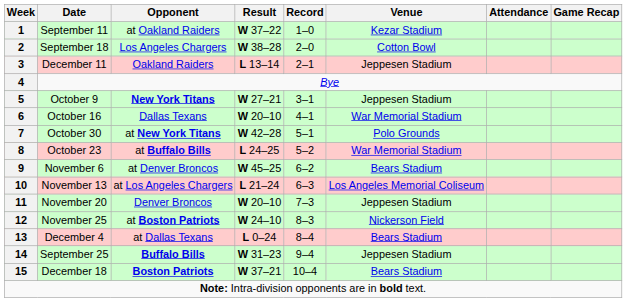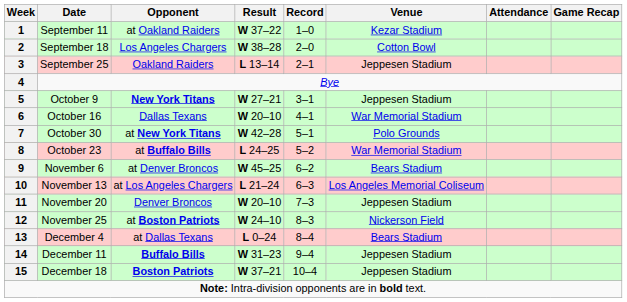 <table class="wikitable" style="text-align:center">
 <tr>
 <th>Week</th>
 <th>Date</th>
 <th>Opponent</th>
 <th>Result</th>
 <th>Record</th>
 <th>Venue</th>
 <th>Attendance</th>
 <th>Game Recap</th>
 </tr>
 <tr style="background:#cfc">
 <th>1</th>
 <td>September 11</td>
 <td>at <a href='#'>Oakland Raiders</a></td>
 <td><strong>W</strong> 37–22</td>
 <td>1–0</td>
 <td><a href='#'>Kezar Stadium</a></td>
 <td></td>
 <td></td>
 </tr>
 <tr style="background:#cfc">
 <th>2</th>
 <td>September 18</td>
 <td><a href='#'>Los Angeles Chargers</a></td>
 <td><strong>W</strong> 38–28</td>
 <td>2–0</td>
 <td><a href='#'>Cotton Bowl</a></td>
 <td></td>
 <td></td>
 </tr>
 <tr style="background:#fcc">
 <th>3</th>
-<td>December 11</td>
+<td>September 25</td>
 <td><a href='#'>Oakland Raiders</a></td>
 <td><strong>L</strong> 13–14</td>
 <td>2–1</td>
 <td>Jeppesen Stadium</td>
 <td></td>
 <td></td>
 </tr>
 <tr>
 <th>4</th>
 <td colspan="7" align="center"><em><a href='#'>Bye</a></em></td>
 </tr>
 <tr style="background:#cfc">
 <th>5</th>
 <td>October 9</td>
 <td><strong><a href='#'>New York Titans</a></strong></td>
 <td><strong>W</strong> 27–21</td>
 <td>3–1</td>
 <td>Jeppesen Stadium</td>
 <td></td>
 <td></td>
 </tr>
 <tr style="background:#cfc">
 <th>6</th>
 <td>October 16</td>
 <td><a href='#'>Dallas Texans</a></td>
 <td><strong>W</strong> 20–10</td>
 <td>4–1</td>
 <td><a href='#'>War Memorial Stadium</a></td>
 <td></td>
 <td></td>
 </tr>
 <tr style="background:#cfc">
 <th>7</th>
 <td>October 30</td>
 <td>at <strong><a href='#'>New York Titans</a></strong></td>
 <td><strong>W</strong> 42–28</td>
 <td>5–1</td>
 <td><a href='#'>Polo Grounds</a></td>
 <td></td>
 <td></td>
 </tr>
 <tr style="background:#fcc">
 <th>8</th>
 <td>October 23</td>
 <td>at <strong><a href='#'>Buffalo Bills</a></strong></td>
 <td><strong>L</strong> 24–25</td>
 <td>5–2</td>
 <td><a href='#'>War Memorial Stadium</a></td>
 <td></td>
 <td></td>
 </tr>
 <tr style="background:#cfc">
 <th>9</th>
 <td>November 6</td>
 <td>at <a href='#'>Denver Broncos</a></td>
 <td><strong>W</strong> 45–25</td>
 <td>6–2</td>
 <td><a href='#'>Bears Stadium</a></td>
 <td></td>
 <td></td>
 </tr>
 <tr style="background:#fcc">
 <th>10</th>
 <td>November 13</td>
 <td>at <a href='#'>Los Angeles Chargers</a></td>
 <td><strong>L</strong> 21–24</td>
 <td>6–3</td>
 <td><a href='#'>Los Angeles Memorial Coliseum</a></td>
 <td></td>
 <td></td>
 </tr>
 <tr style="background:#cfc">
 <th>11</th>
 <td>November 20</td>
 <td><a href='#'>Denver Broncos</a></td>
 <td><strong>W</strong> 20–10</td>
 <td>7–3</td>
 <td>Jeppesen Stadium</td>
 <td></td>
 <td></td>
 </tr>
 <tr style="background:#cfc">
 <th>12</th>
 <td>November 25</td>
 <td>at <strong><a href='#'>Boston Patriots</a></strong></td>
 <td><strong>W</strong> 24–10</td>
 <td>8–3</td>
 <td><a href='#'>Nickerson Field</a></td>
 <td></td>
 <td></td>
 </tr>
 <tr style="background:#fcc">
 <th>13</th>
 <td>December 4</td>
 <td>at <a href='#'>Dallas Texans</a></td>
 <td><strong>L</strong> 0–24</td>
 <td align=center>8–4</td>
 <td><a href='#'>Bears Stadium</a></td>
 <td></td>
 <td></td>
 </tr>
 <tr style="background:#cfc">
 <th>14</th>
-<td>September 25</td>
+<td>December 11</td>
 <td><strong><a href='#'>Buffalo Bills</a></strong></td>
 <td><strong>W</strong> 31–23</td>
 <td>9–4</td>
 <td>Jeppesen Stadium</td>
 <td></td>
 <td></td>
 </tr>
 <tr style="background:#cfc">
 <th>15</th>
 <td>December 18</td>
 <td><strong><a href='#'>Boston Patriots</a></strong></td>
 <td><strong>W</strong> 37–21</td>
 <td>10–4</td>
-<td><a href='#'>Bears Stadium</a></td>
+<td>Jeppesen Stadium</td>
 <td></td>
 <td></td>
 </tr>
 <tr>
 <td colspan="8"><strong>Note:</strong> Intra-division opponents are in <strong>bold</strong> text.</td>
 </tr>
 </table>
